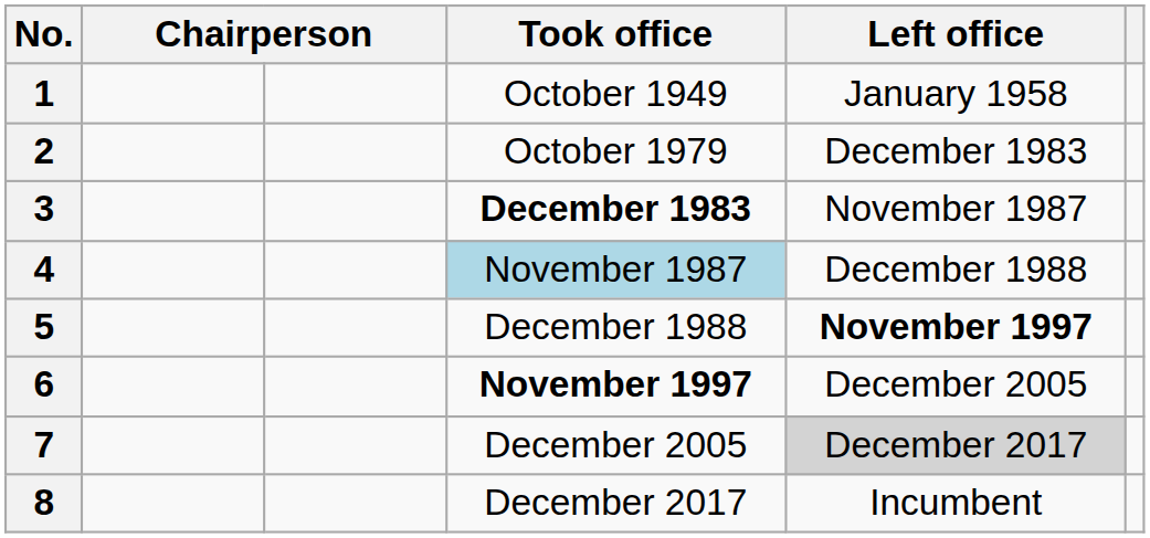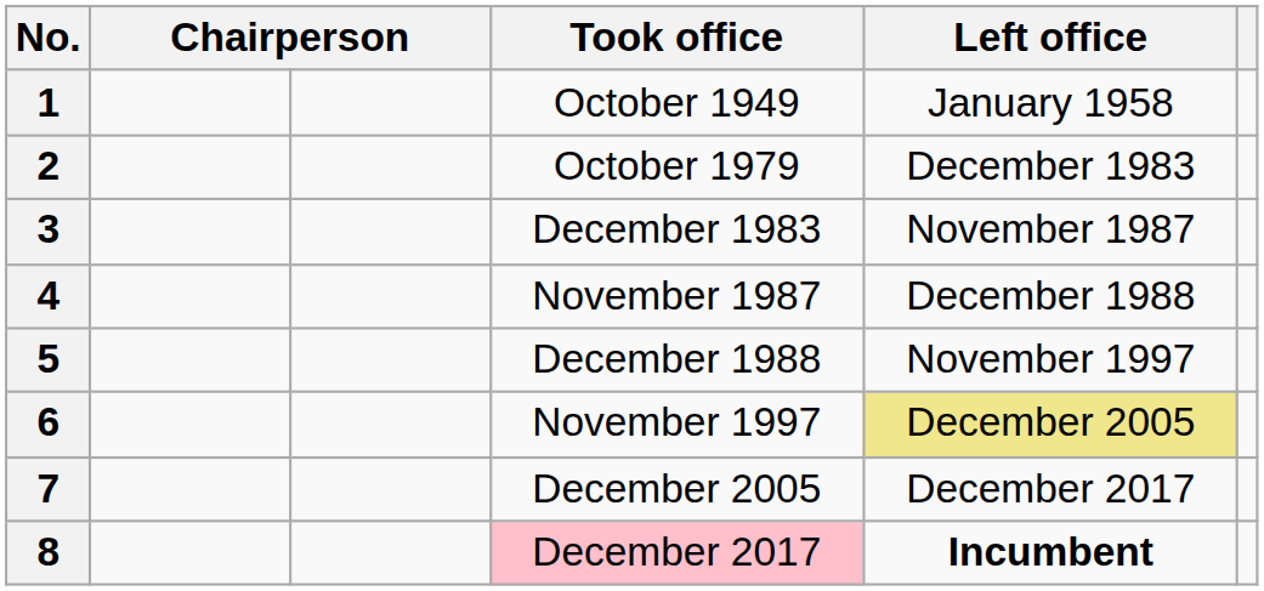 <table class="wikitable" style="text-align: center; border-collapse: collapse;">
 <tr>
 <th>No.</th>
 <th colspan="2" width="150">Chairperson</th>
 <th align="center" width="140">Took office</th>
 <th align="center" width="140">Left office</th>
 <th></th>
 </tr>
 <tr>
 <th><strong>1</strong></th>
 <td align="center"></td>
 <td align="center"><br></td>
 <td align="center">October 1949</td>
 <td align="center">January 1958</td>
 <td></td>
 </tr>
 <tr>
 <th><strong>2</strong></th>
 <td align="center"></td>
 <td align="center"><br></td>
 <td align="center">October 1979</td>
 <td align="center">December 1983</td>
 <td></td>
 </tr>
 <tr>
 <th><strong>3</strong></th>
 <td align="center"></td>
 <td align="center"><br></td>
-<td align="center"><strong>December 1983</strong></td>
+<td align="center">December 1983</td>
 <td align="center">November 1987</td>
 <td></td>
 </tr>
 <tr>
 <th><strong>4</strong></th>
 <td align="center"></td>
 <td align="center"><br></td>
-<td align="center" style="background: lightblue;">November 1987</td>
+<td align="center">November 1987</td>
 <td align="center">December 1988</td>
 <td></td>
 </tr>
 <tr>
 <th><strong>5</strong></th>
 <td></td>
 <td><br></td>
 <td>December 1988</td>
-<td><strong>November 1997</strong></td>
+<td>November 1997</td>
 <td></td>
 </tr>
 <tr>
 <th><strong>6</strong></th>
 <td align="center"></td>
 <td align="center"><br></td>
-<td align="center"><strong>November 1997</strong></td>
-<td align="center">December 2005</td>
+<td align="center">November 1997</td>
+<td align="center" style="background: khaki;">December 2005</td>
 <td></td>
 </tr>
 <tr>
 <th>7</th>
 <td></td>
 <td><br></td>
 <td>December 2005</td>
-<td style="background: lightgrey;">December 2017</td>
+<td>December 2017</td>
 <td></td>
 </tr>
 <tr>
 <th><strong>8</strong></th>
 <td rowspan="1" align="center"></td>
 <td rowspan="1" align="center"><br></td>
-<td align="center">December 2017</td>
-<td align="center">Incumbent</td>
+<td align="center" style="background: pink;">December 2017</td>
+<td align="center"><strong>Incumbent</strong></td>
 <td></td>
 </tr>
 </table>
